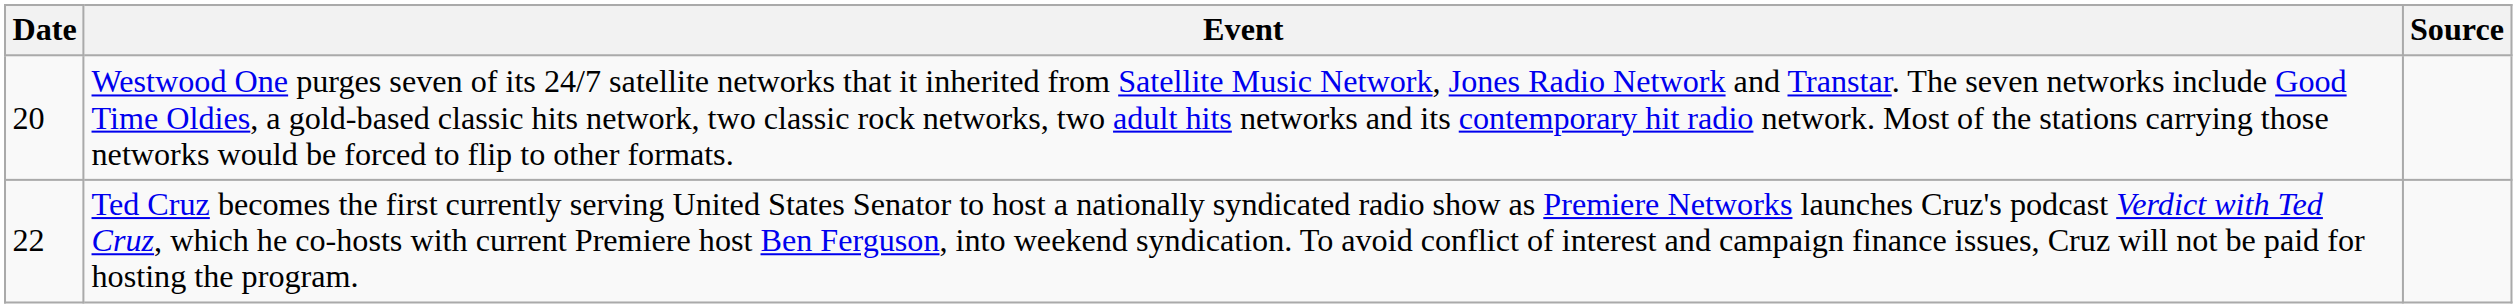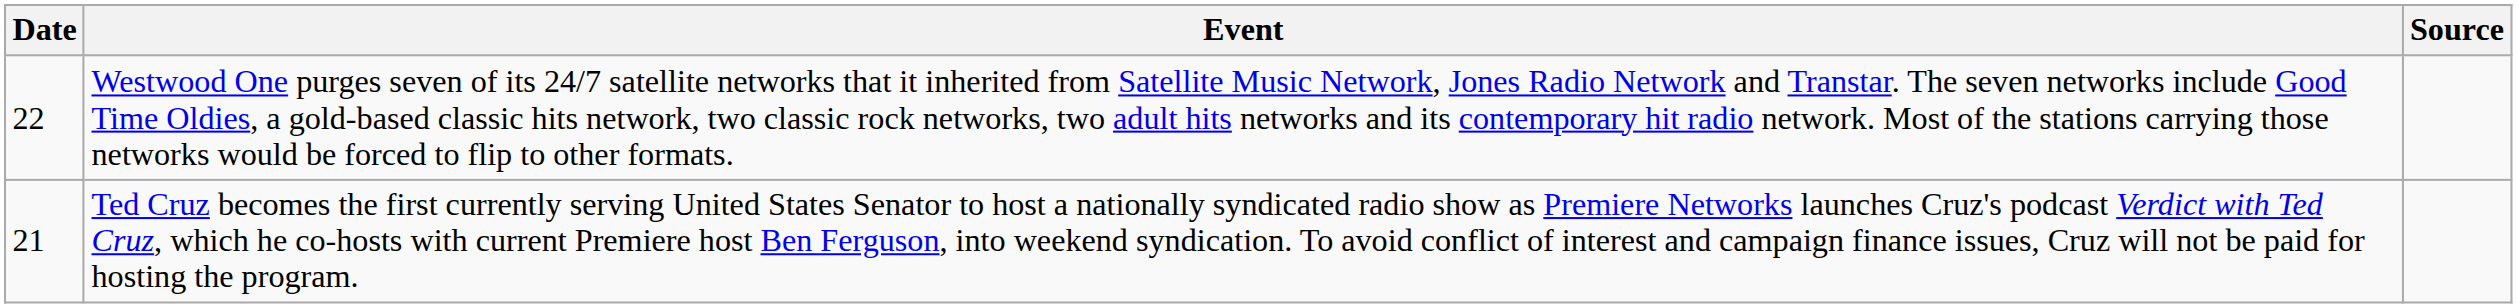 <table class=wikitable>
 <tr>
 <th>Date</th>
 <th>Event</th>
 <th>Source</th>
 </tr>
 <tr>
-<td>20</td>
+<td>22</td>
 <td><a href='#'>Westwood One</a> purges seven of its 24/7 satellite networks that it inherited from <a href='#'>Satellite Music Network</a>, <a href='#'>Jones Radio Network</a> and <a href='#'>Transtar</a>. The seven networks include <a href='#'>Good Time Oldies</a>, a gold-based classic hits network, two classic rock networks, two <a href='#'>adult hits</a> networks and its <a href='#'>contemporary hit radio</a> network. Most of the stations carrying those networks would be forced to flip to other formats.</td>
 <td></td>
 </tr>
 <tr>
-<td>22</td>
+<td>21</td>
 <td><a href='#'>Ted Cruz</a> becomes the first currently serving United States Senator to host a nationally syndicated radio show as <a href='#'>Premiere Networks</a> launches Cruz's podcast <em><a href='#'>Verdict with Ted Cruz</a></em>, which he co-hosts with current Premiere host <a href='#'>Ben Ferguson</a>, into weekend syndication. To avoid conflict of interest and campaign finance issues, Cruz will not be paid for hosting the program.</td>
 <td></td>
 </tr>
 </table>
